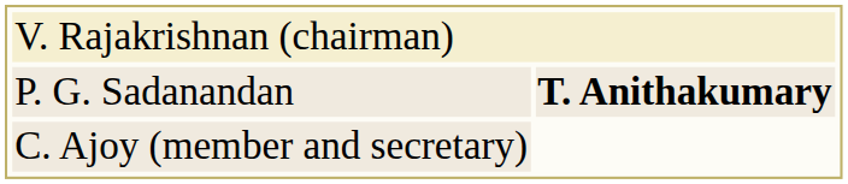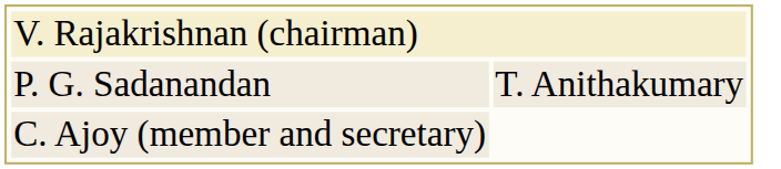 <table style="border: 1px solid #BEB168;background-color:#FDFCF6;">
 <tr>
 <td colspan="2" style="background-color:#F5EFD0;"> V. Rajakrishnan (chairman)</td>
 </tr>
 <tr style="background-color:#F0EADF;">
 <td> P. G. Sadanandan</td>
-<td><strong> T. Anithakumary</strong></td>
+<td> T. Anithakumary</td>
 </tr>
 <tr style="background-color:#F0EADF;">
 <td> C. Ajoy (member and secretary)</td>
 </tr>
 </table>
